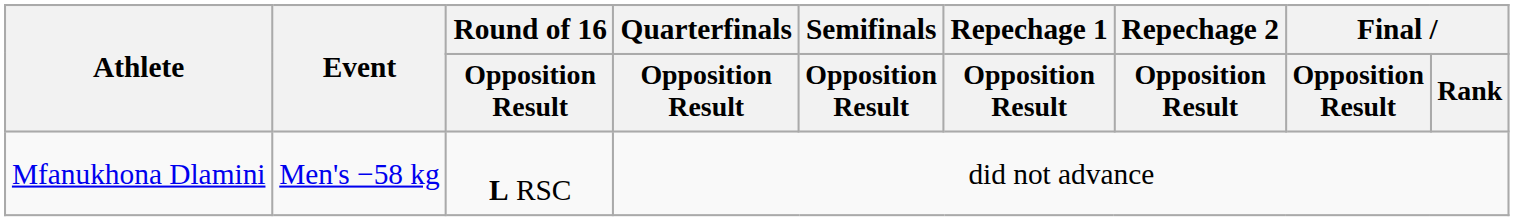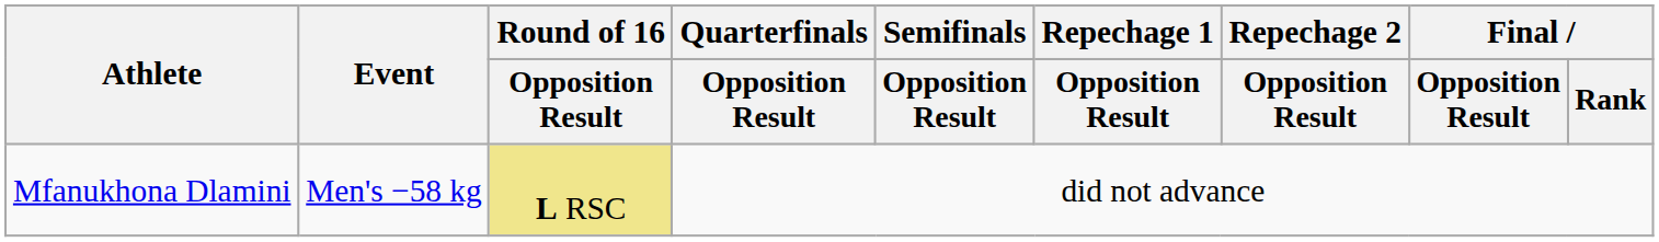 <table class="wikitable" style="font-size:90%;">
 <tr>
 <th rowspan=2>Athlete</th>
 <th rowspan=2>Event</th>
 <th>Round of 16</th>
 <th>Quarterfinals</th>
 <th>Semifinals</th>
 <th>Repechage 1</th>
 <th>Repechage 2</th>
 <th colspan=2>Final / </th>
 </tr>
 <tr style="font-size:95%">
 <th>Opposition<br>Result</th>
 <th>Opposition<br>Result</th>
 <th>Opposition<br>Result</th>
 <th>Opposition<br>Result</th>
 <th>Opposition<br>Result</th>
 <th>Opposition<br>Result</th>
 <th>Rank</th>
 </tr>
 <tr align=center>
 <td align=left><a href='#'>Mfanukhona Dlamini</a></td>
 <td align=left><a href='#'>Men's −58 kg</a></td>
-<td><br><strong>L</strong> RSC</td>
+<td style="background: khaki;"><br><strong>L</strong> RSC</td>
 <td colspan=6>did not advance</td>
 </tr>
 </table>
